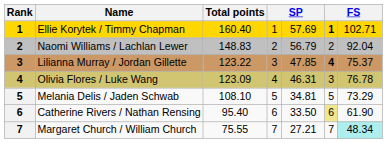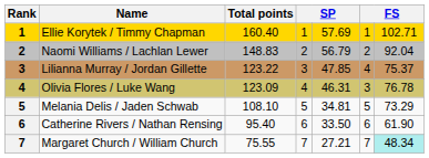 <table class="wikitable sortable">
 <tr>
 <th>Rank</th>
 <th>Name</th>
 <th>Total points</th>
 <th colspan="2" width="80px"><a href='#'>SP</a></th>
 <th colspan="2" width="80px"><a href='#'>FS</a></th>
 </tr>
 <tr bgcolor="gold">
 <td align="center"><strong>1</strong></td>
 <td>Ellie Korytek / Timmy Chapman</td>
 <td align="center">160.40</td>
 <td align="center">1</td>
 <td align="center">57.69</td>
-<td align="center"><strong>1</strong></td>
+<td align="center">1</td>
 <td align="center">102.71</td>
 </tr>
 <tr bgcolor="silver">
 <td align="center"><strong>2</strong></td>
 <td>Naomi Williams / Lachlan Lewer</td>
 <td align="center">148.83</td>
 <td align="center">2</td>
 <td align="center">56.79</td>
 <td align="center">2</td>
 <td align="center">92.04</td>
 </tr>
 <tr bgcolor="cc9966">
 <td align="center"><strong>3</strong></td>
 <td>Lilianna Murray / Jordan Gillette</td>
 <td align="center">123.22</td>
 <td align="center">3</td>
 <td align="center">47.85</td>
-<td align="center"><strong>4</strong></td>
+<td align="center">4</td>
 <td align="center">75.37</td>
 </tr>
 <tr bgcolor="#d1c571">
 <td align="center"><strong>4</strong></td>
 <td>Olivia Flores / Luke Wang</td>
 <td align="center">123.09</td>
 <td align="center">4</td>
 <td align="center">46.31</td>
 <td align="center">3</td>
 <td align="center">76.78</td>
 </tr>
 <tr>
 <th>5</th>
 <td>Melania Delis / Jaden Schwab</td>
 <td align="center">108.10</td>
 <td align="center">5</td>
 <td align="center">34.81</td>
 <td align="center">5</td>
 <td align="center">73.29</td>
 </tr>
 <tr>
 <th>6</th>
 <td>Catherine Rivers / Nathan Rensing</td>
 <td align="center">95.40</td>
 <td align="center">6</td>
 <td align="center">33.50</td>
-<td align="center" style="background: khaki;">6</td>
+<td align="center">6</td>
 <td align="center">61.90</td>
 </tr>
 <tr>
 <th>7</th>
 <td>Margaret Church / William Church</td>
 <td align="center">75.55</td>
 <td align="center">7</td>
 <td align="center">27.21</td>
 <td align="center">7</td>
 <td align="center" style="background: paleturquoise;">48.34</td>
 </tr>
 </table>
